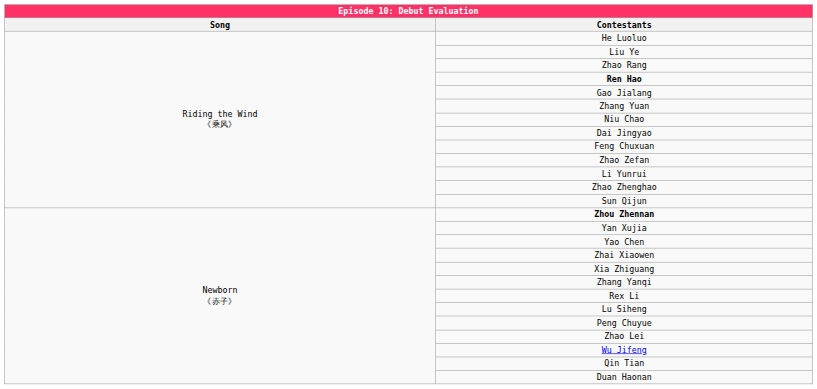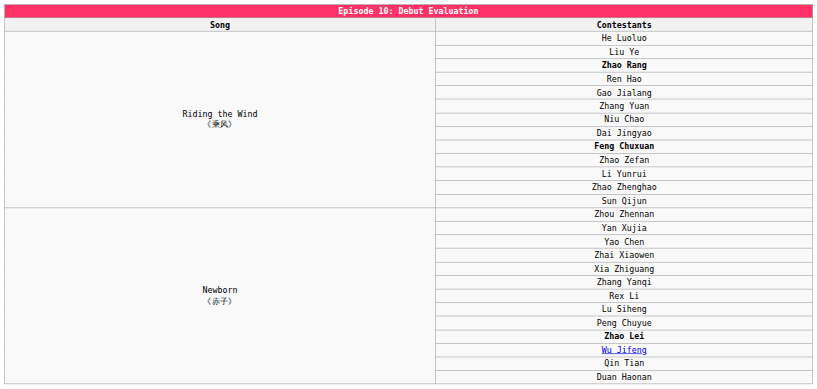 <table class="wikitable sortable mw-collapsible mw-collapsed" style=text-align:center width=100%>
 <tr>
 <th colspan="2" style="background:#FF3166; color:white">Episode 10: Debut Evaluation</th>
 </tr>
 <tr>
 <th>Song</th>
 <th>Contestants</th>
 </tr>
 <tr>
 <td rowspan="13">Riding the Wind<br>《乘风》</td>
 <td>He Luoluo</td>
 </tr>
 <tr>
 <td>Liu Ye</td>
 </tr>
 <tr>
-<td>Zhao Rang</td>
+<td><strong>Zhao Rang</strong></td>
 </tr>
 <tr>
-<td><strong>Ren Hao</strong></td>
+<td>Ren Hao</td>
 </tr>
 <tr>
 <td>Gao Jialang</td>
 </tr>
 <tr>
 <td>Zhang Yuan</td>
 </tr>
 <tr>
 <td>Niu Chao</td>
 </tr>
 <tr>
 <td>Dai Jingyao</td>
 </tr>
 <tr>
-<td>Feng Chuxuan</td>
+<td><strong>Feng Chuxuan</strong></td>
 </tr>
 <tr>
 <td>Zhao Zefan</td>
 </tr>
 <tr>
 <td>Li Yunrui</td>
 </tr>
 <tr>
 <td>Zhao Zhenghao</td>
 </tr>
 <tr>
 <td>Sun Qijun</td>
 </tr>
 <tr>
 <td rowspan="13">Newborn<br>《赤子》</td>
-<td><strong>Zhou Zhennan</strong></td>
+<td>Zhou Zhennan</td>
 </tr>
 <tr>
 <td>Yan Xujia</td>
 </tr>
 <tr>
 <td>Yao Chen</td>
 </tr>
 <tr>
 <td>Zhai Xiaowen</td>
 </tr>
 <tr>
 <td>Xia Zhiguang</td>
 </tr>
 <tr>
 <td>Zhang Yanqi</td>
 </tr>
 <tr>
 <td>Rex Li</td>
 </tr>
 <tr>
 <td>Lu Siheng</td>
 </tr>
 <tr>
 <td>Peng Chuyue</td>
 </tr>
 <tr>
-<td>Zhao Lei</td>
+<td><strong>Zhao Lei</strong></td>
 </tr>
 <tr>
 <td><a href='#'>Wu Jifeng</a></td>
 </tr>
 <tr>
 <td>Qin Tian</td>
 </tr>
 <tr>
 <td>Duan Haonan</td>
 </tr>
 </table>
